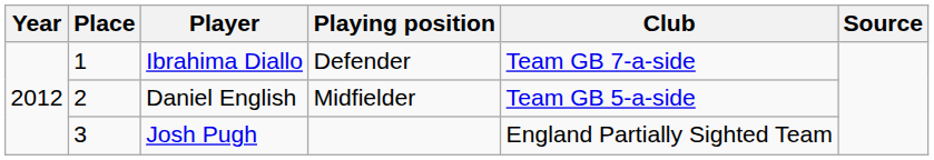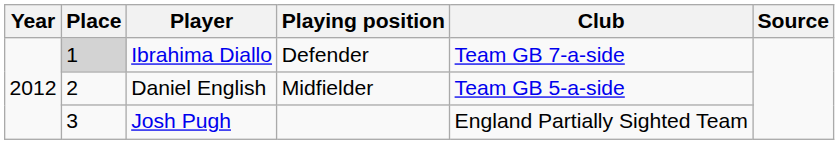 <table class="wikitable">
 <tr>
 <th>Year</th>
 <th>Place</th>
 <th>Player</th>
 <th>Playing position</th>
 <th>Club</th>
 <th>Source</th>
 </tr>
 <tr>
 <td rowspan="3">2012</td>
-<td>1</td>
+<td style="background: lightgrey;">1</td>
 <td><a href='#'>Ibrahima Diallo</a></td>
 <td>Defender</td>
 <td> <a href='#'>Team GB 7-a-side</a></td>
 <td rowspan="3"></td>
 </tr>
 <tr>
 <td>2</td>
 <td>Daniel English</td>
 <td>Midfielder</td>
 <td> <a href='#'>Team GB 5-a-side</a></td>
 </tr>
 <tr>
 <td>3</td>
 <td><a href='#'>Josh Pugh</a></td>
 <td></td>
 <td> England Partially Sighted Team</td>
 </tr>
 </table>
